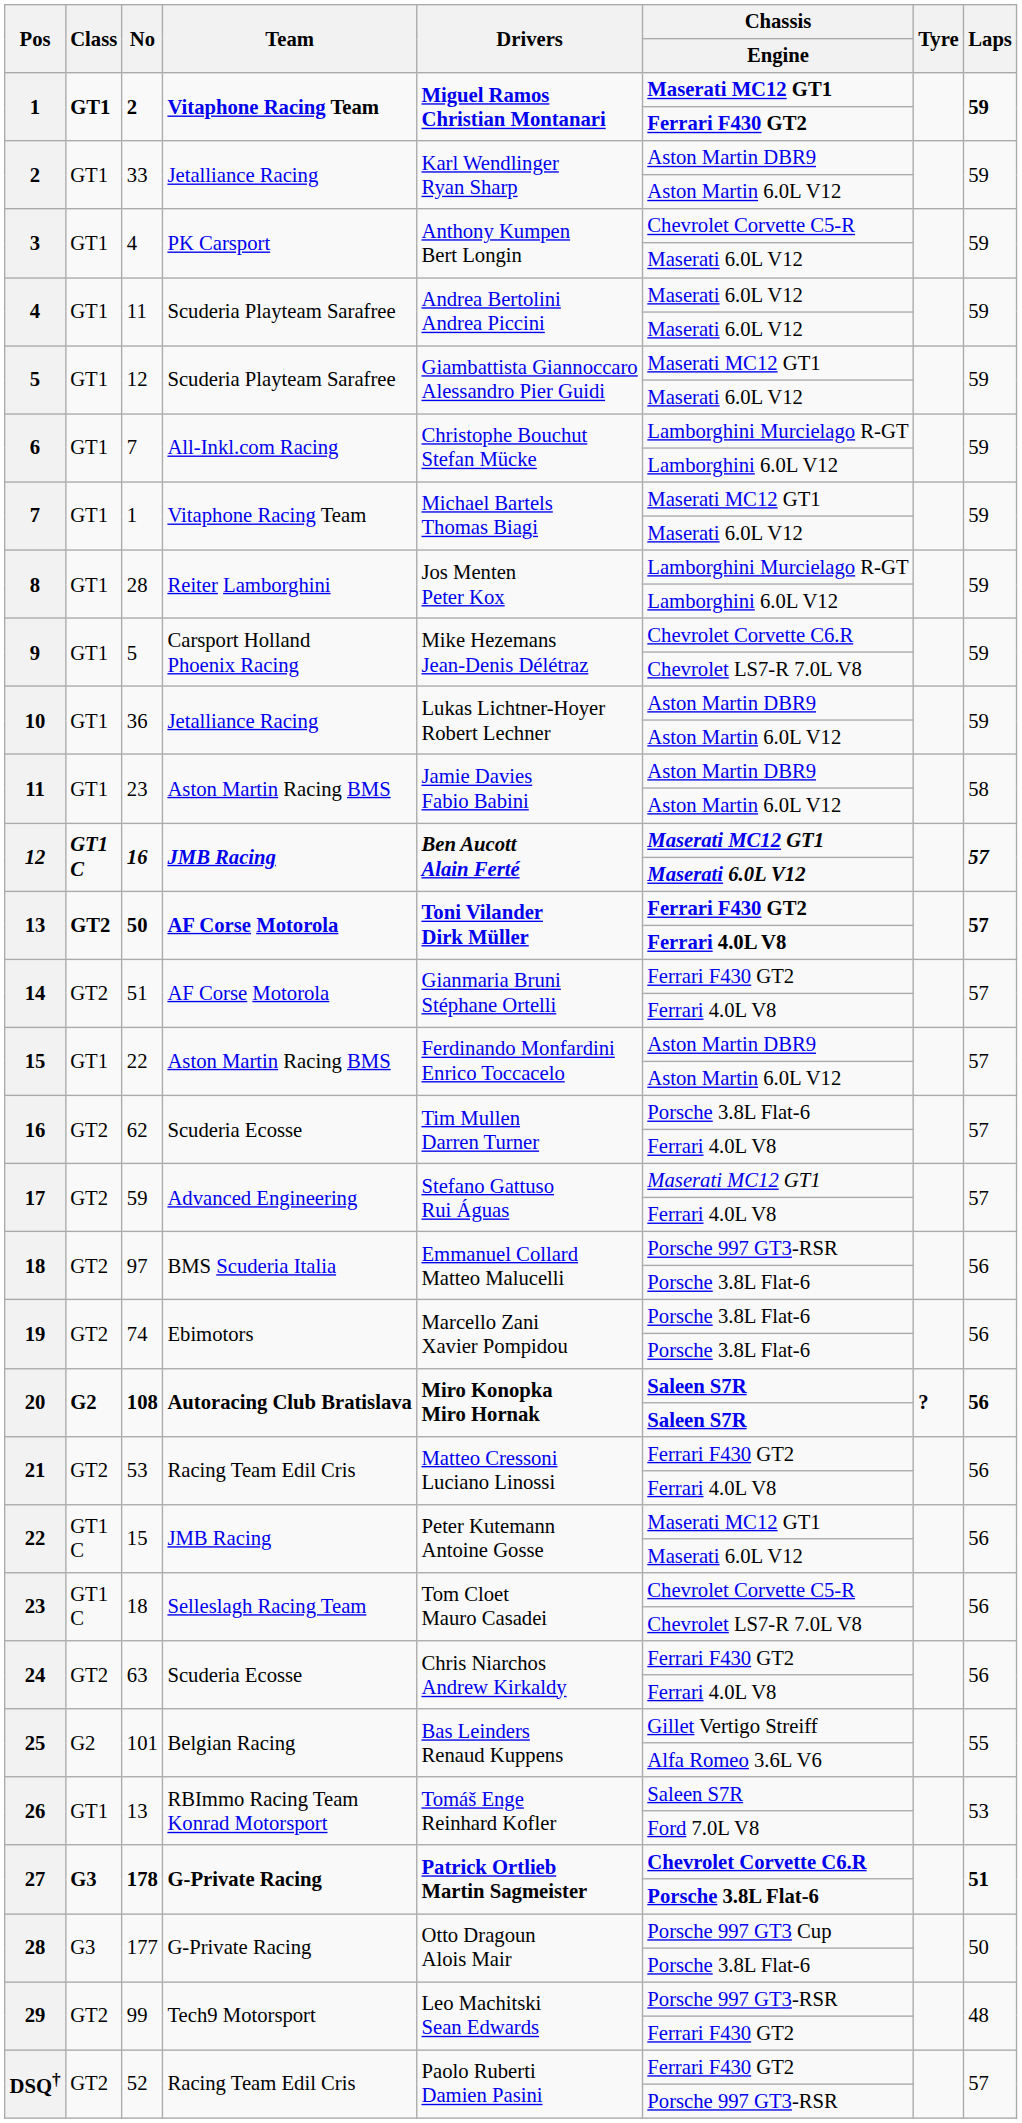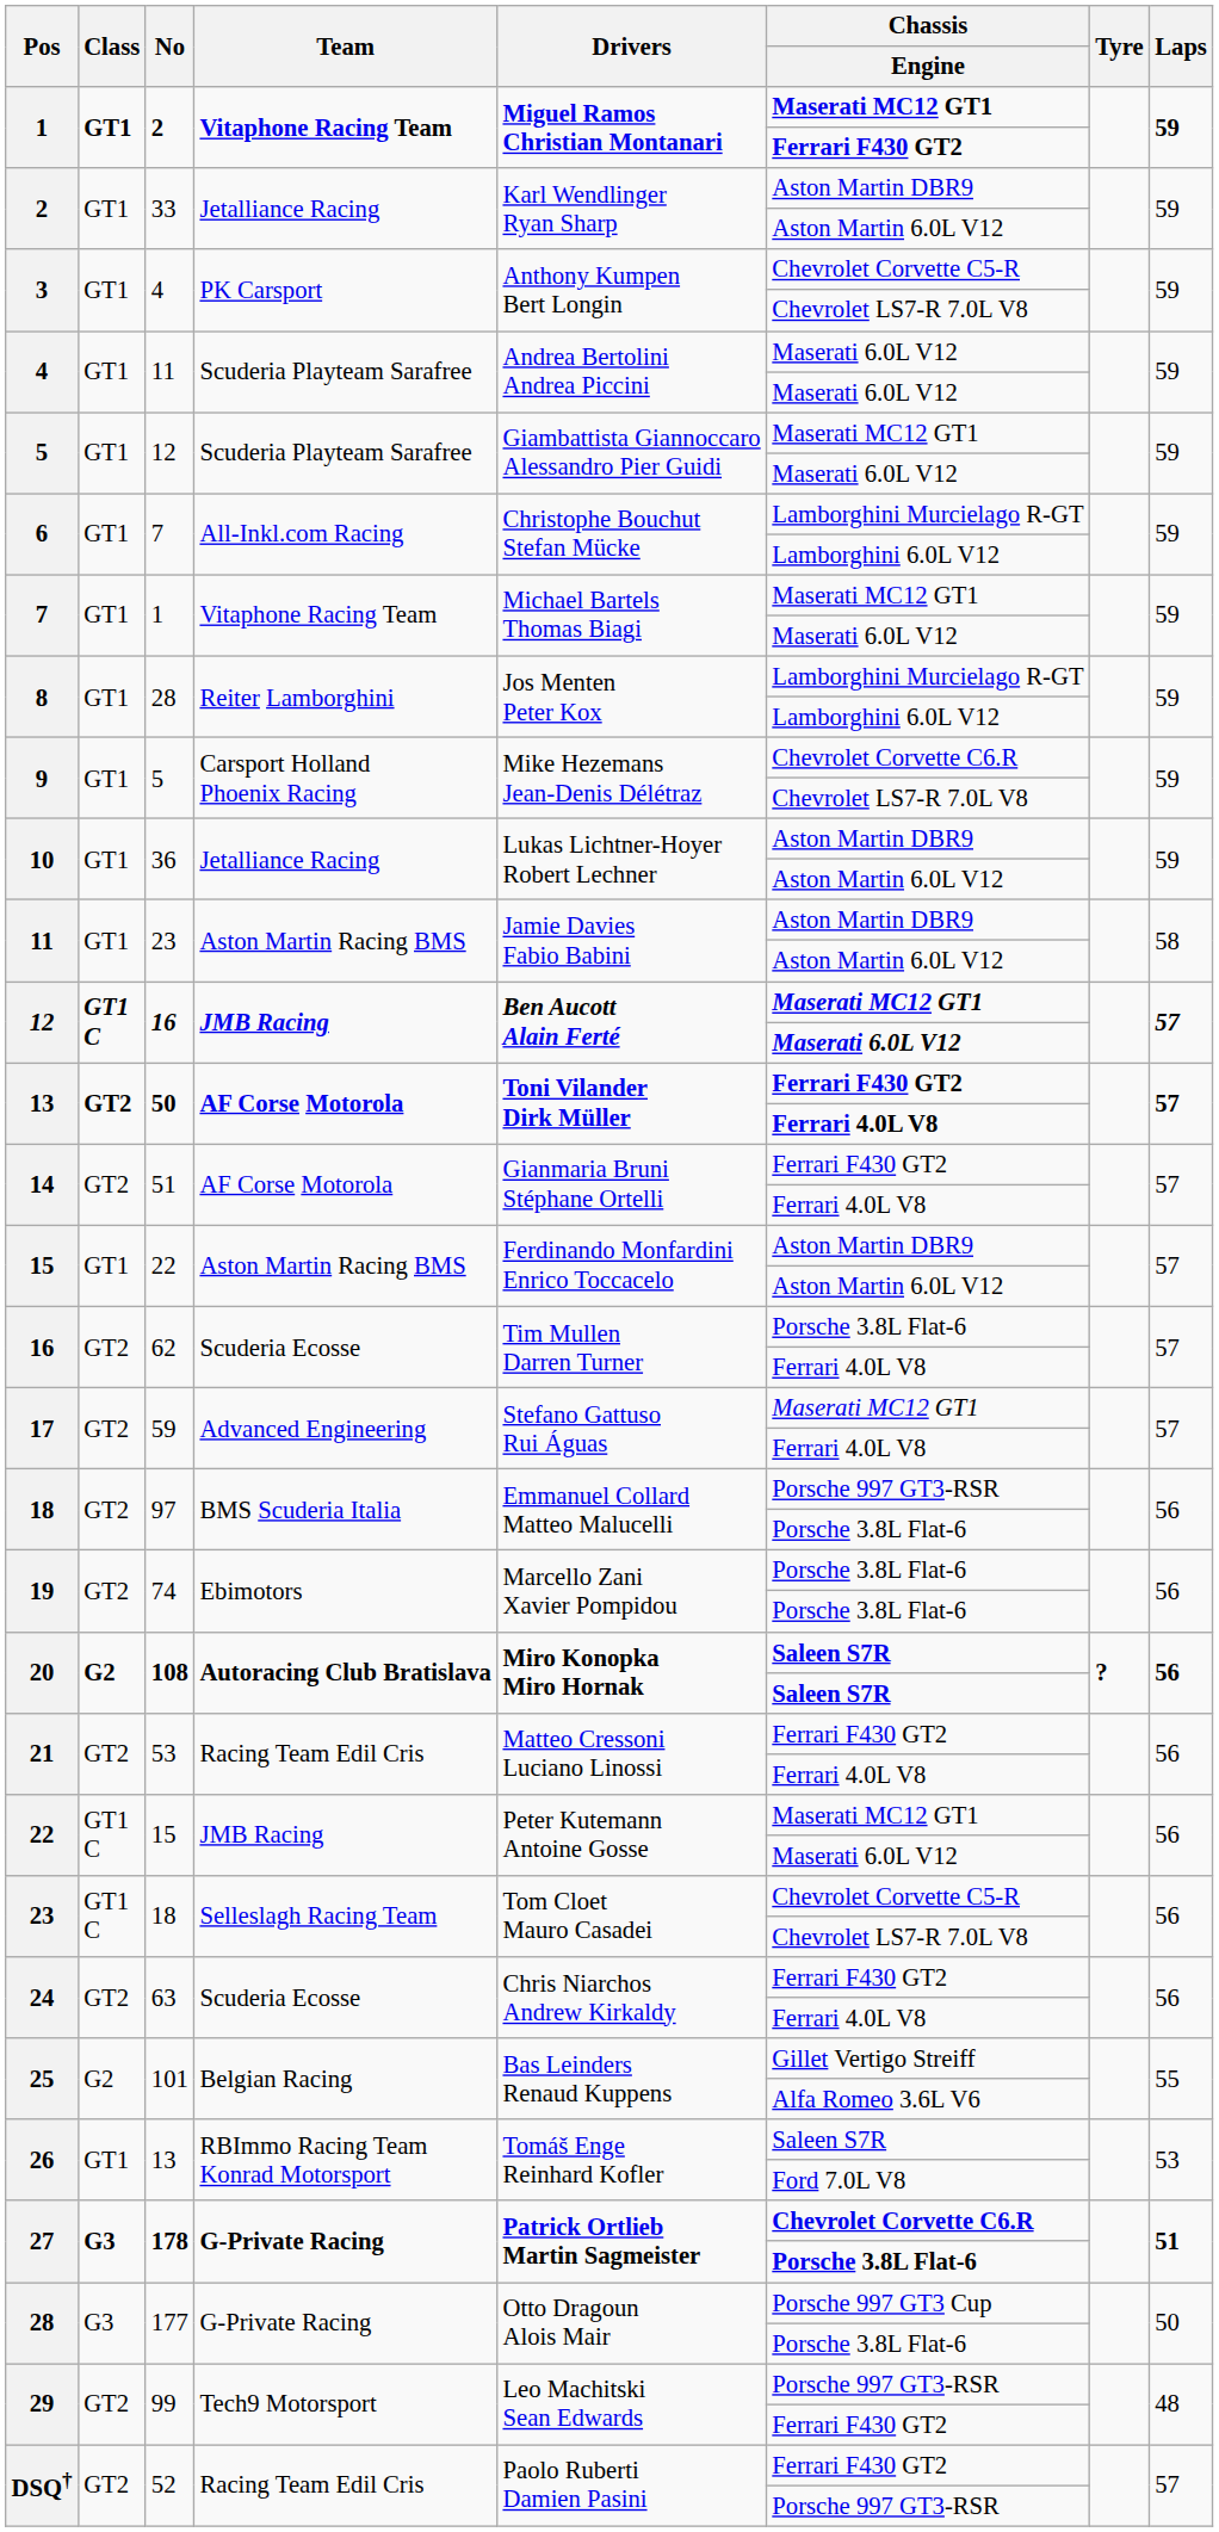 <table class="wikitable" style="font-size: 95%;">
 <tr>
 <th rowspan=2>Pos</th>
 <th rowspan=2>Class</th>
 <th rowspan=2>No</th>
 <th rowspan=2>Team</th>
 <th rowspan=2>Drivers</th>
 <th>Chassis</th>
 <th rowspan=2>Tyre</th>
 <th rowspan=2>Laps</th>
 </tr>
 <tr>
 <th>Engine</th>
 </tr>
 <tr style="font-weight:bold">
 <th rowspan=2>1</th>
 <td rowspan=2>GT1</td>
 <td rowspan=2>2</td>
 <td rowspan=2> <a href='#'>Vitaphone Racing</a> Team</td>
 <td rowspan=2> <a href='#'>Miguel Ramos</a><br> <a href='#'>Christian Montanari</a></td>
 <td><a href='#'>Maserati MC12</a> GT1</td>
 <td rowspan=2></td>
 <td rowspan=2>59</td>
 </tr>
 <tr style="font-weight:bold">
 <td><a href='#'>Ferrari F430</a> GT2</td>
 </tr>
 <tr>
 <th rowspan=2>2</th>
 <td rowspan=2>GT1</td>
 <td rowspan=2>33</td>
 <td rowspan=2> <a href='#'>Jetalliance Racing</a></td>
 <td rowspan=2> <a href='#'>Karl Wendlinger</a><br> <a href='#'>Ryan Sharp</a></td>
 <td><a href='#'>Aston Martin DBR9</a></td>
 <td rowspan=2></td>
 <td rowspan=2>59</td>
 </tr>
 <tr>
 <td><a href='#'>Aston Martin</a> 6.0L V12</td>
 </tr>
 <tr>
 <th rowspan=2>3</th>
 <td rowspan=2>GT1</td>
 <td rowspan=2>4</td>
 <td rowspan=2> <a href='#'>PK Carsport</a></td>
 <td rowspan=2> <a href='#'>Anthony Kumpen</a><br> Bert Longin</td>
 <td><a href='#'>Chevrolet Corvette C5-R</a></td>
 <td rowspan=2></td>
 <td rowspan=2>59</td>
 </tr>
 <tr>
-<td><a href='#'>Maserati</a> 6.0L V12</td>
+<td><a href='#'>Chevrolet</a> LS7-R 7.0L V8</td>
 </tr>
 <tr>
 <th rowspan=2>4</th>
 <td rowspan=2>GT1</td>
 <td rowspan=2>11</td>
 <td rowspan=2> Scuderia Playteam Sarafree</td>
 <td rowspan=2> <a href='#'>Andrea Bertolini</a><br> <a href='#'>Andrea Piccini</a></td>
 <td><a href='#'>Maserati</a> 6.0L V12</td>
 <td rowspan=2></td>
 <td rowspan=2>59</td>
 </tr>
 <tr>
 <td><a href='#'>Maserati</a> 6.0L V12</td>
 </tr>
 <tr>
 <th rowspan=2>5</th>
 <td rowspan=2>GT1</td>
 <td rowspan=2>12</td>
 <td rowspan=2> Scuderia Playteam Sarafree</td>
 <td rowspan=2> <a href='#'>Giambattista Giannoccaro</a><br> <a href='#'>Alessandro Pier Guidi</a></td>
 <td><a href='#'>Maserati MC12</a> GT1</td>
 <td rowspan=2></td>
 <td rowspan=2>59</td>
 </tr>
 <tr>
 <td><a href='#'>Maserati</a> 6.0L V12</td>
 </tr>
 <tr>
 <th rowspan=2>6</th>
 <td rowspan=2>GT1</td>
 <td rowspan=2>7</td>
 <td rowspan=2> <a href='#'>All-Inkl.com Racing</a></td>
 <td rowspan=2> <a href='#'>Christophe Bouchut</a><br> <a href='#'>Stefan Mücke</a></td>
 <td><a href='#'>Lamborghini Murcielago</a> R-GT</td>
 <td rowspan=2></td>
 <td rowspan=2>59</td>
 </tr>
 <tr>
 <td><a href='#'>Lamborghini</a> 6.0L V12</td>
 </tr>
 <tr>
 <th rowspan=2>7</th>
 <td rowspan=2>GT1</td>
 <td rowspan=2>1</td>
 <td rowspan=2> <a href='#'>Vitaphone Racing</a> Team</td>
 <td rowspan=2> <a href='#'>Michael Bartels</a><br> <a href='#'>Thomas Biagi</a></td>
 <td><a href='#'>Maserati MC12</a> GT1</td>
 <td rowspan=2></td>
 <td rowspan=2>59</td>
 </tr>
 <tr>
 <td><a href='#'>Maserati</a> 6.0L V12</td>
 </tr>
 <tr>
 <th rowspan=2>8</th>
 <td rowspan=2>GT1</td>
 <td rowspan=2>28</td>
 <td rowspan=2> <a href='#'>Reiter</a> <a href='#'>Lamborghini</a></td>
 <td rowspan=2> Jos Menten<br> <a href='#'>Peter Kox</a></td>
 <td><a href='#'>Lamborghini Murcielago</a> R-GT</td>
 <td rowspan=2></td>
 <td rowspan=2>59</td>
 </tr>
 <tr>
 <td><a href='#'>Lamborghini</a> 6.0L V12</td>
 </tr>
 <tr>
 <th rowspan=2>9</th>
 <td rowspan=2>GT1</td>
 <td rowspan=2>5</td>
 <td rowspan=2> Carsport Holland<br> <a href='#'>Phoenix Racing</a></td>
 <td rowspan=2> Mike Hezemans<br> <a href='#'>Jean-Denis Délétraz</a></td>
 <td><a href='#'>Chevrolet Corvette C6.R</a></td>
 <td rowspan=2></td>
 <td rowspan=2>59</td>
 </tr>
 <tr>
 <td><a href='#'>Chevrolet</a> LS7-R 7.0L V8</td>
 </tr>
 <tr>
 <th rowspan=2>10</th>
 <td rowspan=2>GT1</td>
 <td rowspan=2>36</td>
 <td rowspan=2> <a href='#'>Jetalliance Racing</a></td>
 <td rowspan=2> Lukas Lichtner-Hoyer<br> Robert Lechner</td>
 <td><a href='#'>Aston Martin DBR9</a></td>
 <td rowspan=2></td>
 <td rowspan=2>59</td>
 </tr>
 <tr>
 <td><a href='#'>Aston Martin</a> 6.0L V12</td>
 </tr>
 <tr>
 <th rowspan=2>11</th>
 <td rowspan=2>GT1</td>
 <td rowspan=2>23</td>
 <td rowspan=2> <a href='#'>Aston Martin</a> Racing <a href='#'>BMS</a></td>
 <td rowspan=2> <a href='#'>Jamie Davies</a><br> <a href='#'>Fabio Babini</a></td>
 <td><a href='#'>Aston Martin DBR9</a></td>
 <td rowspan=2></td>
 <td rowspan=2>58</td>
 </tr>
 <tr>
 <td><a href='#'>Aston Martin</a> 6.0L V12</td>
 </tr>
 <tr style="font-weight:bold">
 <th rowspan=2><em>12</em></th>
 <td rowspan=2><em>GT1<br>C</em></td>
 <td rowspan=2><em>16</em></td>
 <td rowspan=2><em> <a href='#'>JMB Racing</a></em></td>
 <td rowspan=2><em> Ben Aucott<br> <a href='#'>Alain Ferté</a></em></td>
 <td><em><a href='#'>Maserati MC12</a> GT1</em></td>
 <td rowspan=2></td>
 <td rowspan=2><em>57</em></td>
 </tr>
 <tr style="font-weight:bold">
 <td><em><a href='#'>Maserati</a> 6.0L V12</em></td>
 </tr>
 <tr style="font-weight:bold">
 <th rowspan=2>13</th>
 <td rowspan=2>GT2</td>
 <td rowspan=2>50</td>
 <td rowspan=2> <a href='#'>AF Corse</a> <a href='#'>Motorola</a></td>
 <td rowspan=2> <a href='#'>Toni Vilander</a><br> <a href='#'>Dirk Müller</a></td>
 <td><a href='#'>Ferrari F430</a> GT2</td>
 <td rowspan=2></td>
 <td rowspan=2>57</td>
 </tr>
 <tr style="font-weight:bold">
 <td><a href='#'>Ferrari</a> 4.0L V8</td>
 </tr>
 <tr>
 <th rowspan=2>14</th>
 <td rowspan=2>GT2</td>
 <td rowspan=2>51</td>
 <td rowspan=2> <a href='#'>AF Corse</a> <a href='#'>Motorola</a></td>
 <td rowspan=2> <a href='#'>Gianmaria Bruni</a><br> <a href='#'>Stéphane Ortelli</a></td>
 <td><a href='#'>Ferrari F430</a> GT2</td>
 <td rowspan=2></td>
 <td rowspan=2>57</td>
 </tr>
 <tr>
 <td><a href='#'>Ferrari</a> 4.0L V8</td>
 </tr>
 <tr>
 <th rowspan=2>15</th>
 <td rowspan=2>GT1</td>
 <td rowspan=2>22</td>
 <td rowspan=2> <a href='#'>Aston Martin</a> Racing <a href='#'>BMS</a></td>
 <td rowspan=2> <a href='#'>Ferdinando Monfardini</a><br> <a href='#'>Enrico Toccacelo</a></td>
 <td><a href='#'>Aston Martin DBR9</a></td>
 <td rowspan=2></td>
 <td rowspan=2>57</td>
 </tr>
 <tr>
 <td><a href='#'>Aston Martin</a> 6.0L V12</td>
 </tr>
 <tr>
 <th rowspan=2>16</th>
 <td rowspan=2>GT2</td>
 <td rowspan=2>62</td>
 <td rowspan=2> Scuderia Ecosse</td>
 <td rowspan=2> <a href='#'>Tim Mullen</a><br> <a href='#'>Darren Turner</a></td>
 <td><a href='#'>Porsche</a> 3.8L Flat-6</td>
 <td rowspan=2></td>
 <td rowspan=2>57</td>
 </tr>
 <tr>
 <td><a href='#'>Ferrari</a> 4.0L V8</td>
 </tr>
 <tr>
 <th rowspan=2>17</th>
 <td rowspan=2>GT2</td>
 <td rowspan=2>59</td>
 <td rowspan=2> <a href='#'>Advanced Engineering</a></td>
 <td rowspan=2> <a href='#'>Stefano Gattuso</a><br> <a href='#'>Rui Águas</a></td>
 <td><em><a href='#'>Maserati MC12</a> GT1</em></td>
 <td rowspan=2></td>
 <td rowspan=2>57</td>
 </tr>
 <tr>
 <td><a href='#'>Ferrari</a> 4.0L V8</td>
 </tr>
 <tr>
 <th rowspan=2>18</th>
 <td rowspan=2>GT2</td>
 <td rowspan=2>97</td>
 <td rowspan=2> BMS <a href='#'>Scuderia Italia</a></td>
 <td rowspan=2> <a href='#'>Emmanuel Collard</a><br> Matteo Malucelli</td>
 <td><a href='#'>Porsche 997 GT3</a>-RSR</td>
 <td rowspan=2></td>
 <td rowspan=2>56</td>
 </tr>
 <tr>
 <td><a href='#'>Porsche</a> 3.8L Flat-6</td>
 </tr>
 <tr>
 <th rowspan=2>19</th>
 <td rowspan=2>GT2</td>
 <td rowspan=2>74</td>
 <td rowspan=2> Ebimotors</td>
 <td rowspan=2> Marcello Zani<br> Xavier Pompidou</td>
 <td><a href='#'>Porsche</a> 3.8L Flat-6</td>
 <td rowspan=2></td>
 <td rowspan=2>56</td>
 </tr>
 <tr>
 <td><a href='#'>Porsche</a> 3.8L Flat-6</td>
 </tr>
 <tr style="font-weight:bold">
 <th rowspan=2>20</th>
 <td rowspan=2>G2</td>
 <td rowspan=2>108</td>
 <td rowspan=2> Autoracing Club Bratislava</td>
 <td rowspan=2> Miro Konopka<br> Miro Hornak</td>
 <td><a href='#'>Saleen S7R</a></td>
 <td rowspan=2>?</td>
 <td rowspan=2>56</td>
 </tr>
 <tr style="font-weight:bold">
 <td><a href='#'>Saleen S7R</a></td>
 </tr>
 <tr>
 <th rowspan=2>21</th>
 <td rowspan=2>GT2</td>
 <td rowspan=2>53</td>
 <td rowspan=2> Racing Team Edil Cris</td>
 <td rowspan=2> <a href='#'>Matteo Cressoni</a><br> Luciano Linossi</td>
 <td><a href='#'>Ferrari F430</a> GT2</td>
 <td rowspan=2></td>
 <td rowspan=2>56</td>
 </tr>
 <tr>
 <td><a href='#'>Ferrari</a> 4.0L V8</td>
 </tr>
 <tr>
 <th rowspan=2>22</th>
 <td rowspan=2>GT1<br>C</td>
 <td rowspan=2>15</td>
 <td rowspan=2> <a href='#'>JMB Racing</a></td>
 <td rowspan=2> Peter Kutemann<br> Antoine Gosse</td>
 <td><a href='#'>Maserati MC12</a> GT1</td>
 <td rowspan=2></td>
 <td rowspan=2>56</td>
 </tr>
 <tr>
 <td><a href='#'>Maserati</a> 6.0L V12</td>
 </tr>
 <tr>
 <th rowspan=2>23</th>
 <td rowspan=2>GT1<br>C</td>
 <td rowspan=2>18</td>
 <td rowspan=2> <a href='#'>Selleslagh Racing Team</a></td>
 <td rowspan=2> Tom Cloet<br> Mauro Casadei</td>
 <td><a href='#'>Chevrolet Corvette C5-R</a></td>
 <td rowspan=2></td>
 <td rowspan=2>56</td>
 </tr>
 <tr>
 <td><a href='#'>Chevrolet</a> LS7-R 7.0L V8</td>
 </tr>
 <tr>
 <th rowspan=2>24</th>
 <td rowspan=2>GT2</td>
 <td rowspan=2>63</td>
 <td rowspan=2> Scuderia Ecosse</td>
 <td rowspan=2> Chris Niarchos<br> <a href='#'>Andrew Kirkaldy</a></td>
 <td><a href='#'>Ferrari F430</a> GT2</td>
 <td rowspan=2></td>
 <td rowspan=2>56</td>
 </tr>
 <tr>
 <td><a href='#'>Ferrari</a> 4.0L V8</td>
 </tr>
 <tr>
 <th rowspan=2>25</th>
 <td rowspan=2>G2</td>
 <td rowspan=2>101</td>
 <td rowspan=2> Belgian Racing</td>
 <td rowspan=2> <a href='#'>Bas Leinders</a><br> Renaud Kuppens</td>
 <td><a href='#'>Gillet</a> Vertigo Streiff</td>
 <td rowspan=2></td>
 <td rowspan=2>55</td>
 </tr>
 <tr>
 <td><a href='#'>Alfa Romeo</a> 3.6L V6</td>
 </tr>
 <tr>
 <th rowspan=2>26</th>
 <td rowspan=2>GT1</td>
 <td rowspan=2>13</td>
 <td rowspan=2> RBImmo Racing Team<br> <a href='#'>Konrad Motorsport</a></td>
 <td rowspan=2> <a href='#'>Tomáš Enge</a><br> Reinhard Kofler</td>
 <td><a href='#'>Saleen S7R</a></td>
 <td rowspan=2></td>
 <td rowspan=2>53</td>
 </tr>
 <tr>
 <td><a href='#'>Ford</a> 7.0L V8</td>
 </tr>
 <tr style="font-weight:bold">
 <th rowspan=2>27</th>
 <td rowspan=2>G3</td>
 <td rowspan=2>178</td>
 <td rowspan=2> G-Private Racing</td>
 <td rowspan=2> <a href='#'>Patrick Ortlieb</a><br> Martin Sagmeister</td>
 <td><a href='#'>Chevrolet Corvette C6.R</a></td>
 <td rowspan=2></td>
 <td rowspan=2>51</td>
 </tr>
 <tr style="font-weight:bold">
 <td><a href='#'>Porsche</a> 3.8L Flat-6</td>
 </tr>
 <tr>
 <th rowspan=2>28</th>
 <td rowspan=2>G3</td>
 <td rowspan=2>177</td>
 <td rowspan=2> G-Private Racing</td>
 <td rowspan=2> Otto Dragoun<br> Alois Mair</td>
 <td><a href='#'>Porsche 997 GT3</a> Cup</td>
 <td rowspan=2></td>
 <td rowspan=2>50</td>
 </tr>
 <tr>
 <td><a href='#'>Porsche</a> 3.8L Flat-6</td>
 </tr>
 <tr>
 <th rowspan=2>29</th>
 <td rowspan=2>GT2</td>
 <td rowspan=2>99</td>
 <td rowspan=2> Tech9 Motorsport</td>
 <td rowspan=2> Leo Machitski<br> <a href='#'>Sean Edwards</a></td>
 <td><a href='#'>Porsche 997 GT3</a>-RSR</td>
 <td rowspan=2></td>
 <td rowspan=2>48</td>
 </tr>
 <tr>
 <td><a href='#'>Ferrari F430</a> GT2</td>
 </tr>
 <tr>
 <th rowspan=2>DSQ<sup>†</sup></th>
 <td rowspan=2>GT2</td>
 <td rowspan=2>52</td>
 <td rowspan=2> Racing Team Edil Cris</td>
 <td rowspan=2> Paolo Ruberti<br> <a href='#'>Damien Pasini</a></td>
 <td><a href='#'>Ferrari F430</a> GT2</td>
 <td rowspan=2></td>
 <td rowspan=2>57</td>
 </tr>
 <tr>
 <td><a href='#'>Porsche 997 GT3</a>-RSR</td>
 </tr>
 </table>
